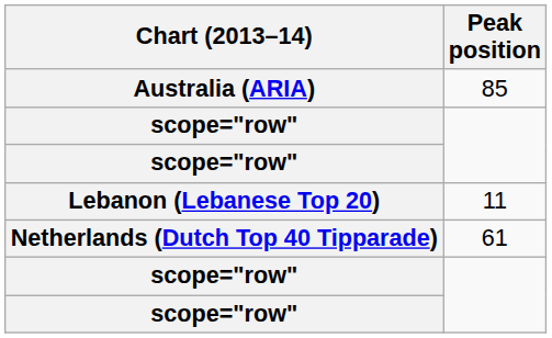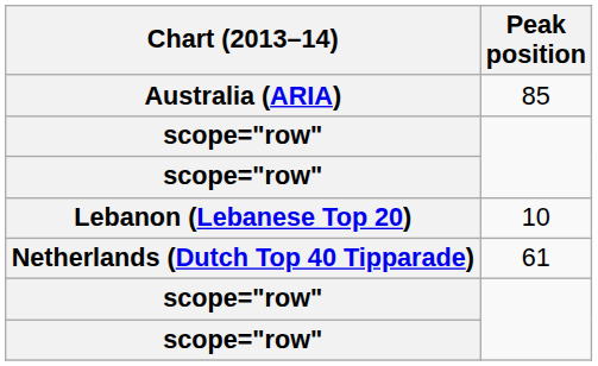 <table class="wikitable sortable plainrowheaders">
 <tr>
 <th scope="col">Chart (2013–14)</th>
 <th scope="col">Peak<br>position</th>
 </tr>
 <tr>
 <th scope="row">Australia (<a href='#'>ARIA</a>)</th>
 <td align="center">85</td>
 </tr>
 <tr>
 <th>scope="row" </th>
 </tr>
 <tr>
 <th>scope="row" </th>
 </tr>
 <tr>
 <th scope="row">Lebanon (<a href='#'>Lebanese Top 20</a>)</th>
-<td align="center">11</td>
+<td align="center">10</td>
 </tr>
 <tr>
 <th scope="row">Netherlands (<a href='#'>Dutch Top 40 Tipparade</a>)</th>
 <td align="center">61</td>
 </tr>
 <tr>
 <th>scope="row" </th>
 </tr>
 <tr>
 <th>scope="row" </th>
 </tr>
 </table>
